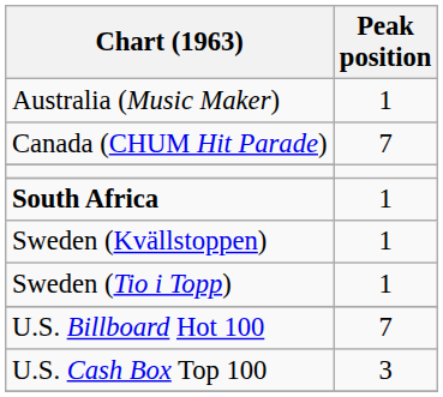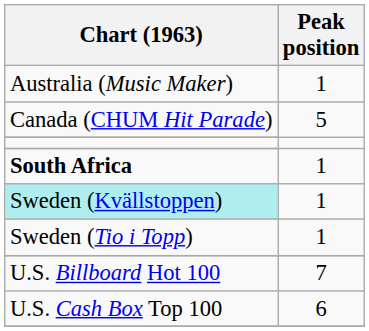 <table class="wikitable sortable">
 <tr>
 <th>Chart (1963)</th>
 <th>Peak<br>position</th>
 </tr>
 <tr>
 <td>Australia (<em>Music Maker</em>)</td>
 <td style="text-align:center;">1</td>
 </tr>
 <tr>
 <td>Canada (<a href='#'>CHUM <em>Hit Parade</em></a>)</td>
-<td style="text-align:center;">7</td>
+<td style="text-align:center;">5</td>
 </tr>
 <tr>
 </tr>
 <tr>
 <td></td>
 </tr>
 <tr>
 </tr>
 <tr>
 <td><strong>South Africa</strong></td>
 <td style="text-align:center;">1</td>
 </tr>
 <tr>
-<td>Sweden (<a href='#'>Kvällstoppen</a>)</td>
+<td style="background: paleturquoise;">Sweden (<a href='#'>Kvällstoppen</a>)</td>
 <td style="text-align:center;">1</td>
 </tr>
 <tr>
 <td>Sweden (<em><a href='#'>Tio i Topp</a></em>)</td>
 <td style="text-align:center;">1</td>
 </tr>
 <tr>
 </tr>
 <tr>
 <td>U.S. <em><a href='#'>Billboard</a></em> <a href='#'>Hot 100</a></td>
 <td style="text-align:center;">7</td>
 </tr>
 <tr>
 <td>U.S. <a href='#'><em>Cash Box</em></a> Top 100</td>
-<td align="center">3</td>
+<td align="center">6</td>
 </tr>
 <tr>
 </tr>
 </table>
